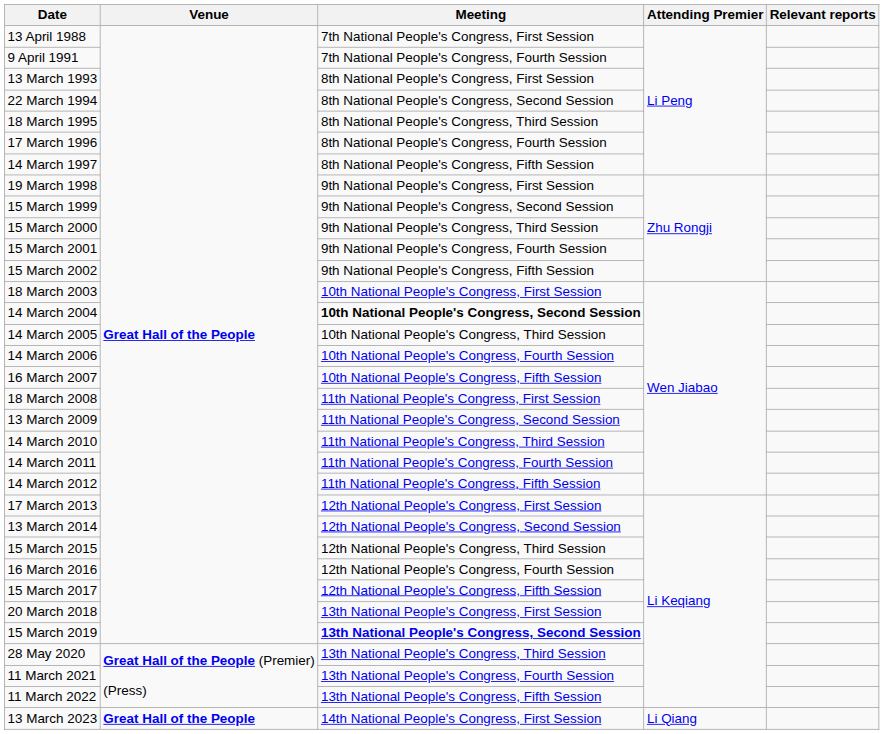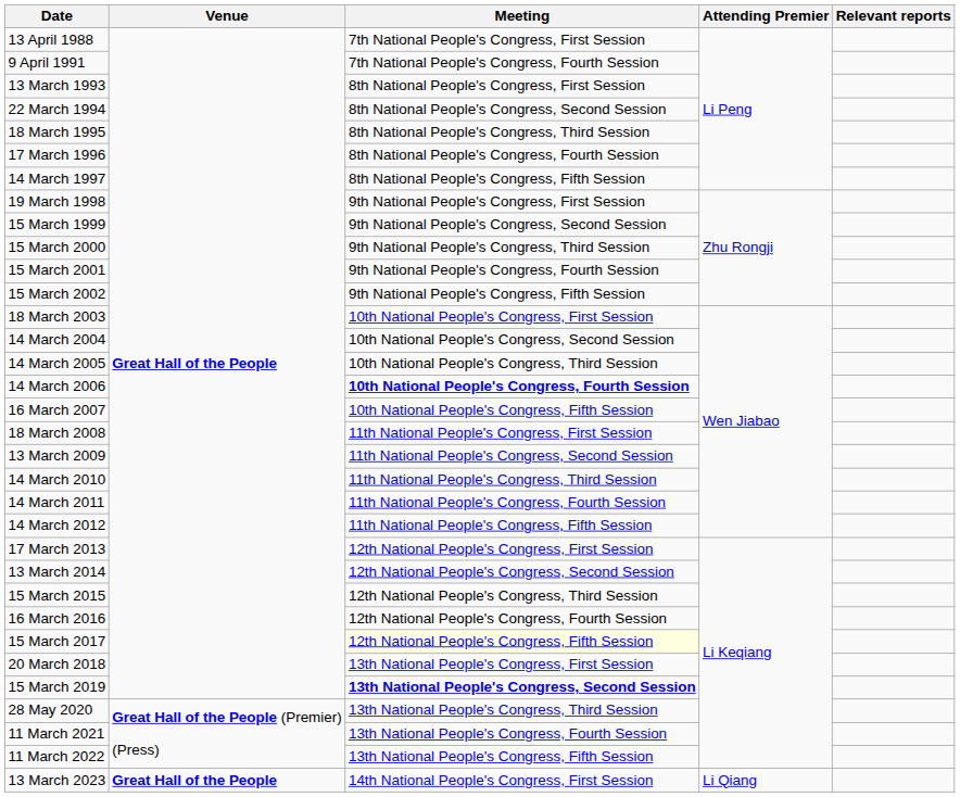 <table class="wikitable">
 <tr>
 <th>Date</th>
 <th>Venue</th>
 <th>Meeting</th>
 <th>Attending Premier</th>
 <th>Relevant reports</th>
 </tr>
 <tr>
 <td>13 April 1988</td>
 <td rowspan="29"><strong><a href='#'>Great Hall of the People</a></strong></td>
 <td>7th National People's Congress, First Session</td>
 <td rowspan="7"><a href='#'>Li Peng</a></td>
 <td></td>
 </tr>
 <tr>
 <td>9 April 1991</td>
 <td>7th National People's Congress, Fourth Session</td>
 <td></td>
 </tr>
 <tr>
 <td>13 March 1993</td>
 <td>8th National People's Congress, First Session</td>
 <td></td>
 </tr>
 <tr>
 <td>22 March 1994</td>
 <td>8th National People's Congress, Second Session</td>
 <td></td>
 </tr>
 <tr>
 <td>18 March 1995</td>
 <td>8th National People's Congress, Third Session</td>
 <td></td>
 </tr>
 <tr>
 <td>17 March 1996</td>
 <td>8th National People's Congress, Fourth Session</td>
 <td></td>
 </tr>
 <tr>
 <td>14 March 1997</td>
 <td>8th National People's Congress, Fifth Session</td>
 <td></td>
 </tr>
 <tr>
 <td>19 March 1998</td>
 <td>9th National People's Congress, First Session</td>
 <td rowspan="5"><a href='#'>Zhu Rongji</a></td>
 <td></td>
 </tr>
 <tr>
 <td>15 March 1999</td>
 <td>9th National People's Congress, Second Session</td>
 <td></td>
 </tr>
 <tr>
 <td>15 March 2000</td>
 <td>9th National People's Congress, Third Session</td>
 <td></td>
 </tr>
 <tr>
 <td>15 March 2001</td>
 <td>9th National People's Congress, Fourth Session</td>
 <td></td>
 </tr>
 <tr>
 <td>15 March 2002</td>
 <td>9th National People's Congress, Fifth Session</td>
 <td></td>
 </tr>
 <tr>
 <td>18 March 2003</td>
 <td><a href='#'>10th National People's Congress, First Session</a></td>
 <td rowspan="10"><a href='#'>Wen Jiabao</a></td>
 <td></td>
 </tr>
 <tr>
 <td>14 March 2004</td>
-<td><strong>10th National People's Congress, Second Session</strong></td>
+<td>10th National People's Congress, Second Session</td>
 <td></td>
 </tr>
 <tr>
 <td>14 March 2005</td>
 <td>10th National People's Congress, Third Session</td>
 <td></td>
 </tr>
 <tr>
 <td>14 March 2006</td>
-<td><a href='#'>10th National People's Congress, Fourth Session</a></td>
+<td><strong><a href='#'>10th National People's Congress, Fourth Session</a></strong></td>
 <td></td>
 </tr>
 <tr>
 <td>16 March 2007</td>
 <td><a href='#'>10th National People's Congress, Fifth Session</a></td>
 <td></td>
 </tr>
 <tr>
 <td>18 March 2008</td>
 <td><a href='#'>11th National People's Congress, First Session</a></td>
 <td></td>
 </tr>
 <tr>
 <td>13 March 2009</td>
 <td><a href='#'>11th National People's Congress, Second Session</a></td>
 <td></td>
 </tr>
 <tr>
 <td>14 March 2010</td>
 <td><a href='#'>11th National People's Congress, Third Session</a></td>
 <td></td>
 </tr>
 <tr>
 <td>14 March 2011</td>
 <td><a href='#'>11th National People's Congress, Fourth Session</a></td>
 <td></td>
 </tr>
 <tr>
 <td>14 March 2012</td>
 <td><a href='#'>11th National People's Congress, Fifth Session</a></td>
 <td></td>
 </tr>
 <tr>
 <td>17 March 2013</td>
 <td><a href='#'>12th National People's Congress, First Session</a></td>
 <td rowspan="10"><a href='#'>Li Keqiang</a></td>
 <td></td>
 </tr>
 <tr>
 <td>13 March 2014</td>
 <td><a href='#'>12th National People's Congress, Second Session</a></td>
 <td></td>
 </tr>
 <tr>
 <td>15 March 2015</td>
 <td>12th National People's Congress, Third Session</td>
 <td></td>
 </tr>
 <tr>
 <td>16 March 2016</td>
 <td>12th National People's Congress, Fourth Session</td>
 <td></td>
 </tr>
 <tr>
 <td>15 March 2017</td>
-<td><a href='#'>12th National People's Congress, Fifth Session</a></td>
+<td style="background: lightyellow;"><a href='#'>12th National People's Congress, Fifth Session</a></td>
 <td></td>
 </tr>
 <tr>
 <td>20 March 2018</td>
 <td><a href='#'>13th National People's Congress, First Session</a></td>
 <td></td>
 </tr>
 <tr>
 <td>15 March 2019</td>
 <td><strong><a href='#'>13th National People's Congress, Second Session</a></strong></td>
 <td></td>
 </tr>
 <tr>
 <td>28 May 2020</td>
 <td rowspan="3"><strong><a href='#'>Great Hall of the People</a></strong> (Premier)<br><br> (Press)</td>
 <td><a href='#'>13th National People's Congress, Third Session</a></td>
 <td></td>
 </tr>
 <tr>
 <td>11 March 2021</td>
 <td><a href='#'>13th National People's Congress, Fourth Session</a></td>
 <td></td>
 </tr>
 <tr>
 <td>11 March 2022</td>
 <td><a href='#'>13th National People's Congress, Fifth Session</a></td>
 <td></td>
 </tr>
 <tr>
 <td>13 March 2023</td>
 <td><strong><a href='#'>Great Hall of the People</a></strong></td>
 <td><a href='#'>14th National People's Congress, First Session</a></td>
 <td><a href='#'>Li Qiang</a></td>
 <td></td>
 </tr>
 </table>
